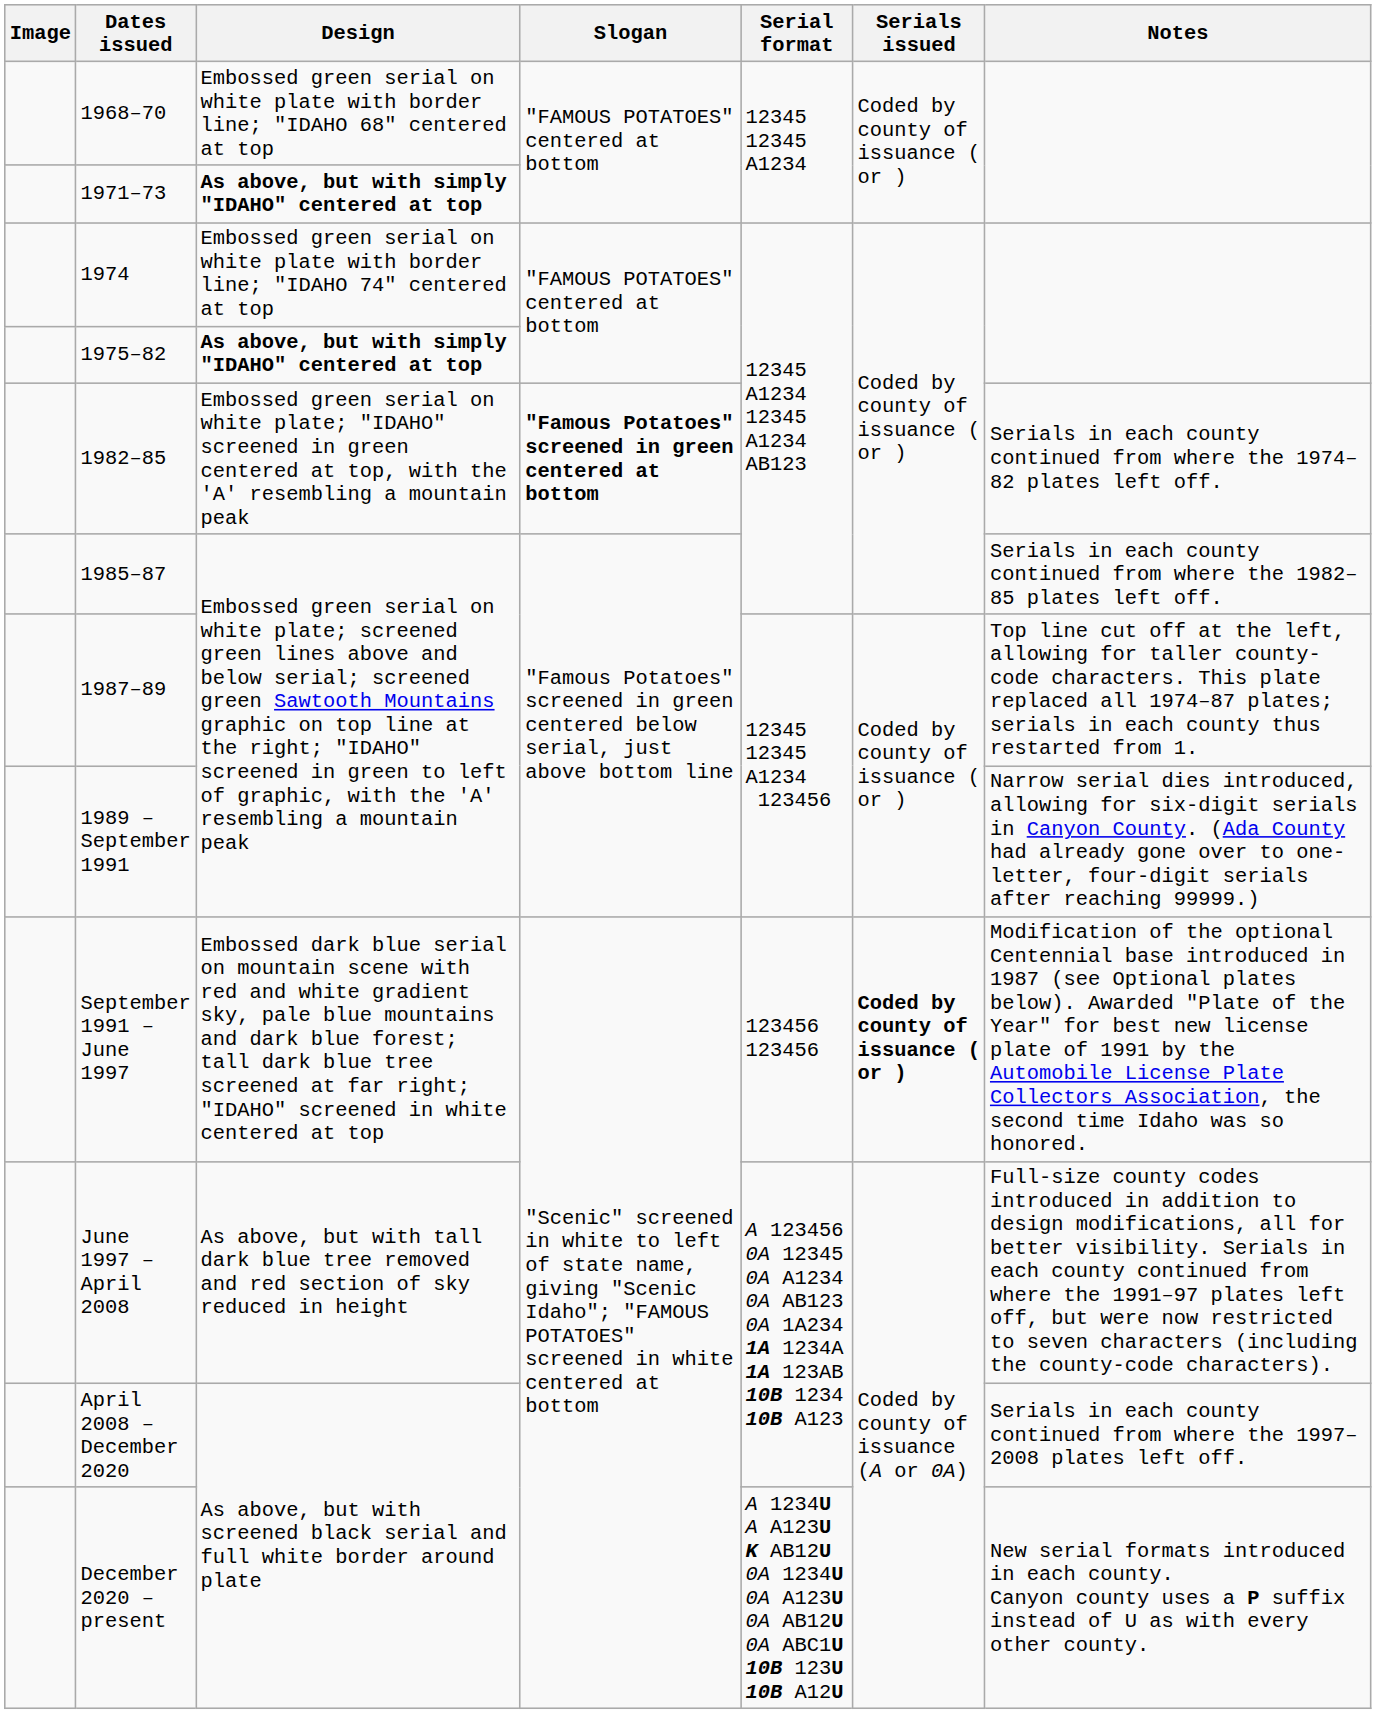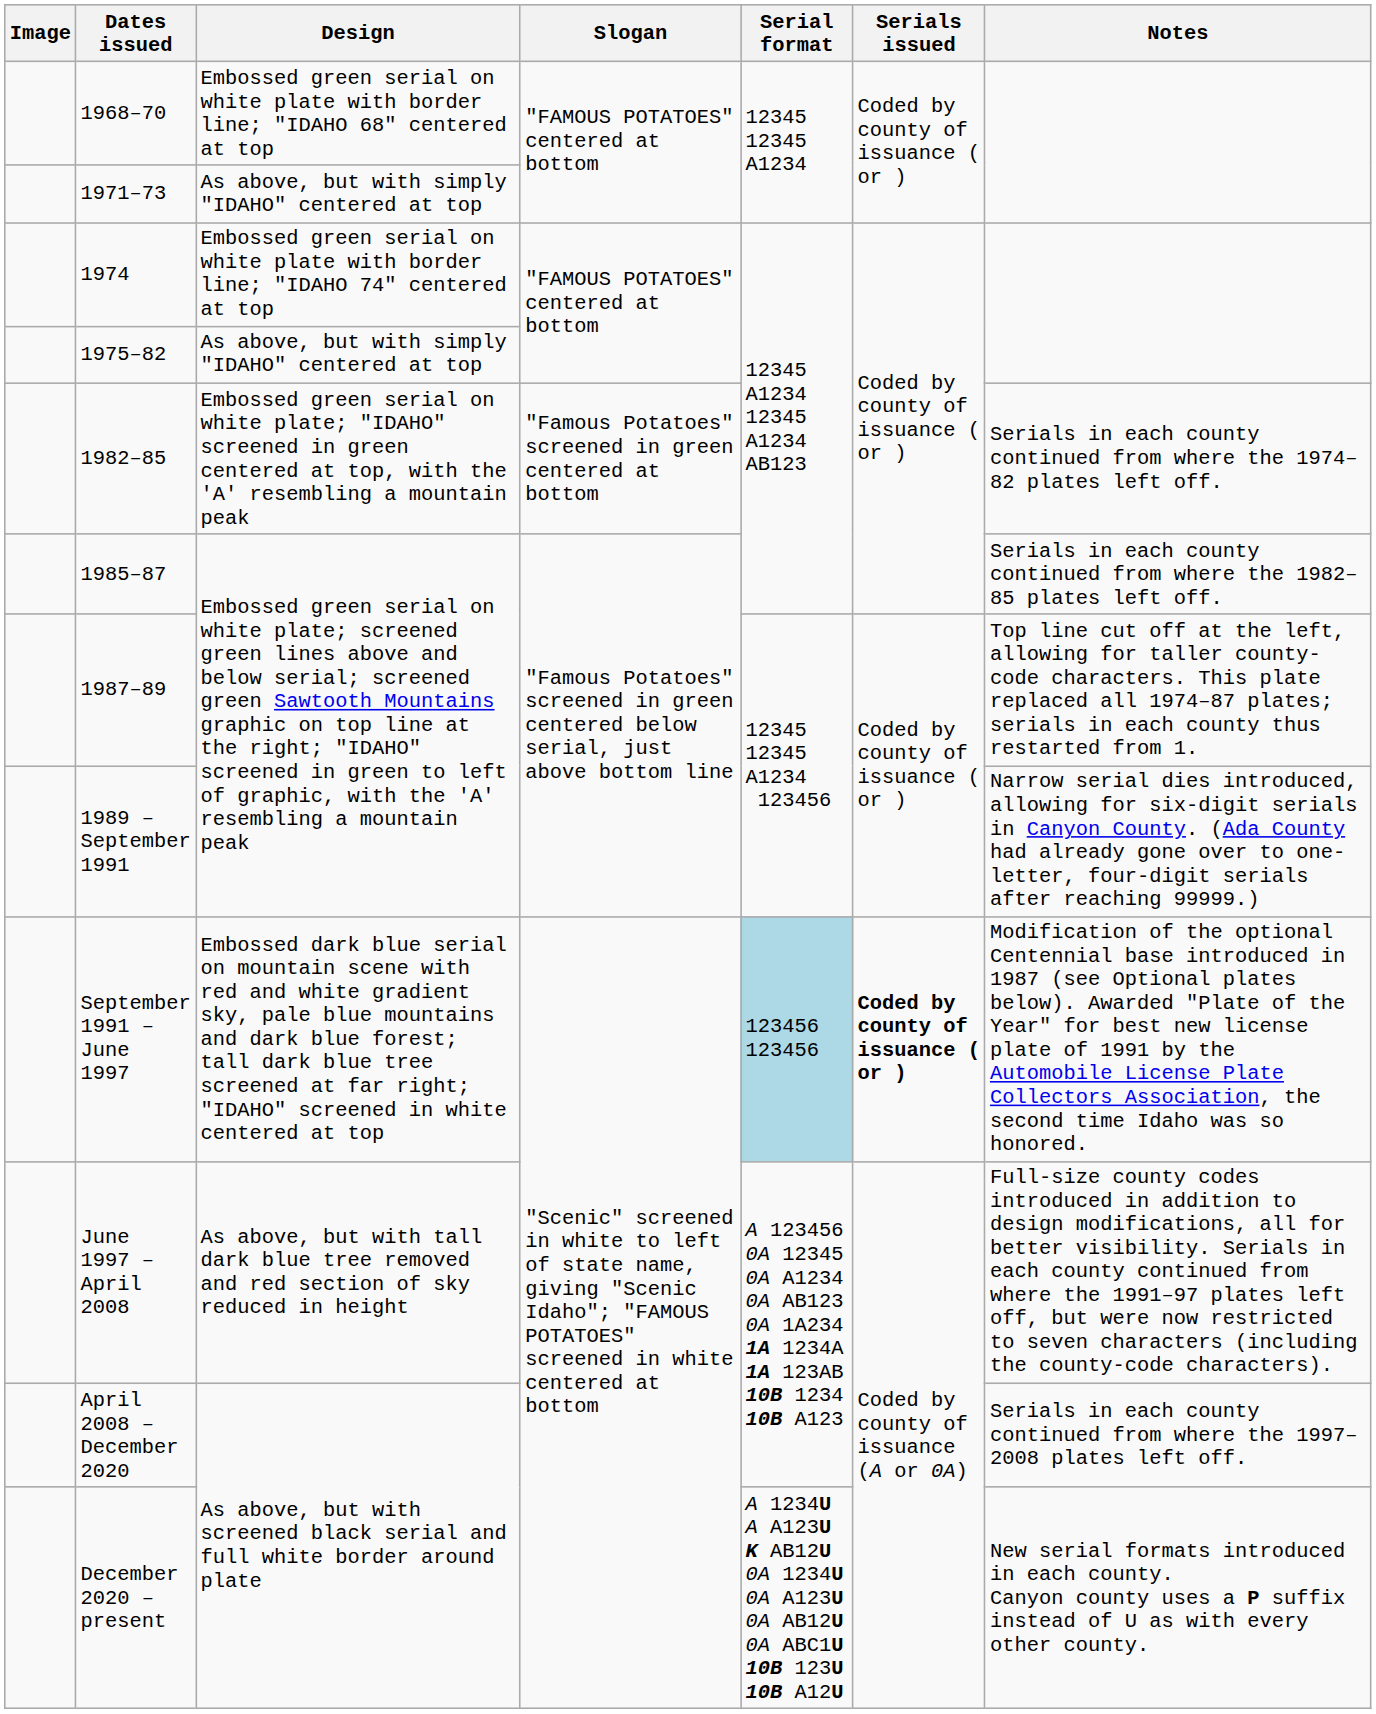 <table class="wikitable">
 <tr>
 <th>Image</th>
 <th style="width:70px;">Dates issued</th>
 <th>Design</th>
 <th>Slogan</th>
 <th>Serial format</th>
 <th>Serials issued</th>
 <th>Notes</th>
 </tr>
 <tr>
 <td></td>
 <td>1968–70</td>
 <td>Embossed green serial on white plate with border line; "IDAHO 68" centered at top</td>
 <td rowspan="2">"FAMOUS POTATOES" centered at bottom</td>
 <td rowspan="2"> 12345<br> 12345<br> A1234</td>
 <td rowspan="2">Coded by county of issuance ( or )</td>
 <td rowspan="2"></td>
 </tr>
 <tr>
 <td></td>
 <td>1971–73</td>
-<td><strong>As above, but with simply "IDAHO" centered at top</strong></td>
+<td>As above, but with simply "IDAHO" centered at top</td>
 </tr>
 <tr>
 <td></td>
 <td>1974</td>
 <td>Embossed green serial on white plate with border line; "IDAHO 74" centered at top</td>
 <td rowspan="2">"FAMOUS POTATOES" centered at bottom</td>
 <td rowspan="4"> 12345<br> A1234<br> 12345<br> A1234<br> AB123</td>
 <td rowspan="4">Coded by county of issuance ( or )</td>
 <td rowspan="2"></td>
 </tr>
 <tr>
 <td></td>
 <td>1975–82</td>
-<td><strong>As above, but with simply "IDAHO" centered at top</strong></td>
+<td>As above, but with simply "IDAHO" centered at top</td>
 </tr>
 <tr>
 <td></td>
 <td>1982–85</td>
 <td>Embossed green serial on white plate; "IDAHO" screened in green centered at top, with the 'A' resembling a mountain peak</td>
-<td><strong>"Famous Potatoes" screened in green centered at bottom</strong></td>
+<td>"Famous Potatoes" screened in green centered at bottom</td>
 <td>Serials in each county continued from where the 1974–82 plates left off.</td>
 </tr>
 <tr>
 <td></td>
 <td>1985–87</td>
 <td rowspan="3">Embossed green serial on white plate; screened green lines above and below serial; screened green <a href='#'>Sawtooth Mountains</a> graphic on top line at the right; "IDAHO" screened in green to left of graphic, with the 'A' resembling a mountain peak</td>
 <td rowspan="3">"Famous Potatoes" screened in green centered below serial, just above bottom line</td>
 <td>Serials in each county continued from where the 1982–85 plates left off.</td>
 </tr>
 <tr>
 <td></td>
 <td>1987–89</td>
 <td rowspan="2"> 12345<br> 12345<br> A1234<br> 123456</td>
 <td rowspan="2">Coded by county of issuance ( or )</td>
 <td>Top line cut off at the left, allowing for taller county-code characters. This plate replaced all 1974–87 plates; serials in each county thus restarted from 1.</td>
 </tr>
 <tr>
 <td></td>
 <td>1989 – September 1991</td>
 <td>Narrow serial dies introduced, allowing for six-digit serials in <a href='#'>Canyon County</a>. (<a href='#'>Ada County</a> had already gone over to one-letter, four-digit serials after reaching 99999.)</td>
 </tr>
 <tr>
 <td></td>
 <td>September 1991 – June<br>1997</td>
 <td>Embossed dark blue serial on mountain scene with red and white gradient sky, pale blue mountains and dark blue forest; tall dark blue tree screened at far right; "IDAHO" screened in white centered at top</td>
 <td rowspan="4">"Scenic" screened in white to left of state name, giving "Scenic Idaho"; "FAMOUS POTATOES" screened in white centered at bottom</td>
-<td> 123456<br> 123456</td>
+<td style="background: lightblue;"> 123456<br> 123456</td>
 <td><strong>Coded by county of issuance ( or )</strong></td>
 <td>Modification of the optional Centennial base introduced in 1987 (see Optional plates below). Awarded "Plate of the Year" for best new license plate of 1991 by the <a href='#'>Automobile License Plate Collectors Association</a>, the second time Idaho was so honored.</td>
 </tr>
 <tr>
 <td></td>
 <td>June 1997 – April<br>2008</td>
 <td>As above, but with tall dark blue tree removed and red section of sky reduced in height</td>
 <td rowspan="2"><em>A</em> 123456<br><em>0A</em> 12345<br><em>0A</em> A1234<br><em>0A</em> AB123<br><em>0A</em> 1A234<br><strong><em>1A</em></strong> 1234A<br><strong><em>1A</em></strong> 123AB<br><strong><em>10B</em></strong> 1234<br><strong><em>10B</em></strong> A123</td>
 <td rowspan="3">Coded by county of issuance (<em>A</em> or <em>0A</em>)</td>
 <td>Full-size county codes introduced in addition to design modifications, all for better visibility. Serials in each county continued from where the 1991–97 plates left off, but were now restricted to seven characters (including the county-code characters).</td>
 </tr>
 <tr>
 <td></td>
 <td>April 2008 – December 2020</td>
 <td rowspan="2">As above, but with screened black serial and full white border around plate</td>
 <td>Serials in each county continued from where the 1997–2008 plates left off.</td>
 </tr>
 <tr>
 <td></td>
 <td>December 2020 – present</td>
 <td><em>A</em> 1234<strong>U</strong><br><em>A</em> A123<strong>U</strong><br><strong><em>K</em></strong> AB12<strong>U</strong><br><em>0A</em> 1234<strong>U</strong><br><em>0A</em> A123<strong>U</strong><br><em>0A</em> AB12<strong>U</strong><br><em>0A</em> ABC1<strong>U</strong><br><strong><em>10B</em></strong> 123<strong>U</strong><br><strong><em>10B</em></strong> A12<strong>U</strong></td>
 <td>New serial formats introduced in each county.<br>Canyon county uses a <strong>P</strong> suffix instead of U as with every other county.</td>
 </tr>
 </table>
